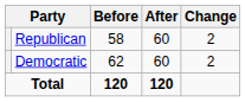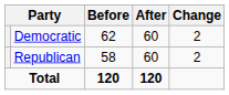 <table class="wikitable" style="text-align:center;">
 <tr>
 <th colspan="2">Party</th>
 <th>Before</th>
 <th>After</th>
 <th>Change</th>
 </tr>
 <tr>
 <th style="background-color:"></th>
-<td style="text-align:left;"><a href='#'>Republican</a></td>
-<td>58</td>
+<td style="text-align:left;"><a href='#'>Democratic</a></td>
+<td>62</td>
 <td>60</td>
 <td> 2</td>
 </tr>
 <tr>
 <th style="background-color:"></th>
-<td style="text-align:left;"><a href='#'>Democratic</a></td>
-<td>62</td>
+<td style="text-align:left;"><a href='#'>Republican</a></td>
+<td>58</td>
 <td>60</td>
 <td> 2</td>
 </tr>
 <tr>
 <td colspan="2"><strong>Total</strong></td>
 <td><strong>120</strong></td>
 <td><strong>120</strong></td>
 <td></td>
 </tr>
 </table>
